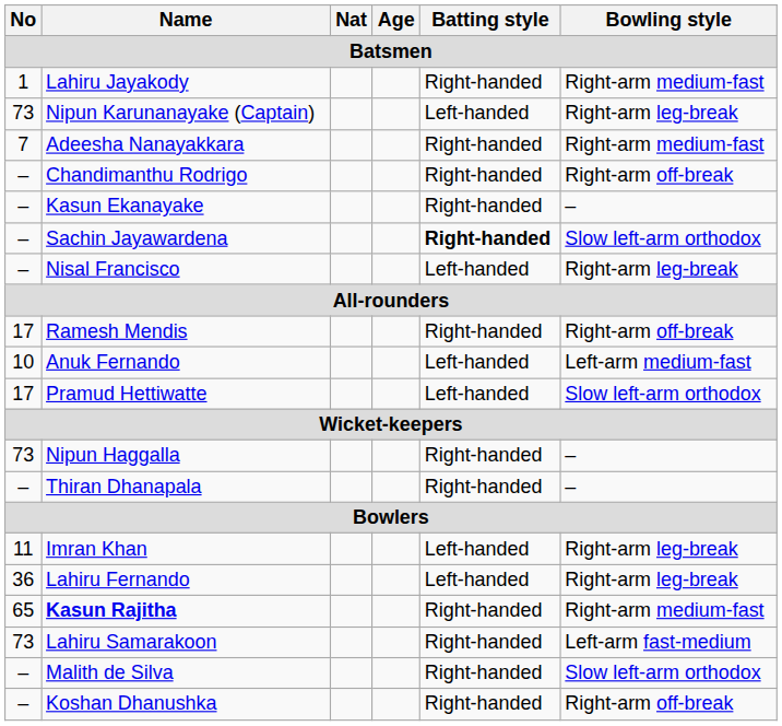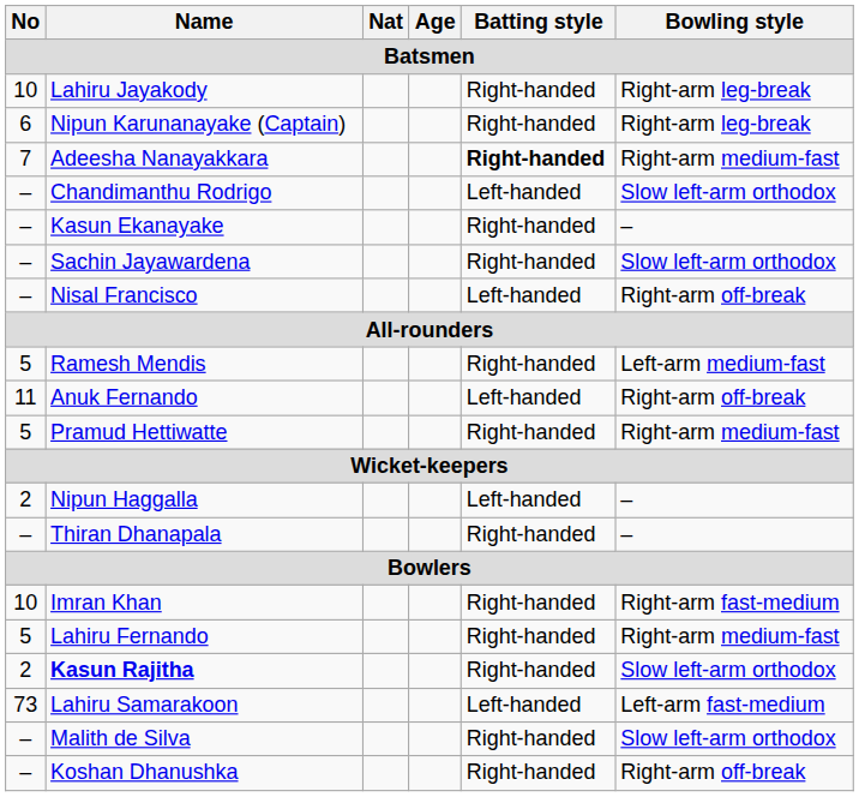 <table class="wikitable" style="font-size:100%;" width="50%">
 <tr>
 <th style="background: #">No</th>
 <th style="background: #">Name</th>
 <th style="background: #">Nat</th>
 <th style="background: #">Age</th>
 <th style="background: #">Batting style</th>
 <th style="background: #">Bowling style</th>
 </tr>
 <tr>
 <th colspan="7" style="background: #DCDCDC" align=right>Batsmen</th>
 </tr>
 <tr>
-<td style="text-align:center">1</td>
+<td style="text-align:center">10</td>
 <td><a href='#'>Lahiru Jayakody</a></td>
 <td style="text-align:center"></td>
 <td style="text-align:center"></td>
 <td>Right-handed</td>
-<td>Right-arm <a href='#'>medium-fast</a></td>
+<td>Right-arm <a href='#'>leg-break</a></td>
 </tr>
 <tr>
-<td style="text-align:center">73</td>
+<td style="text-align:center">6</td>
 <td><a href='#'>Nipun Karunanayake</a> (<a href='#'>Captain</a>)</td>
 <td style="text-align:center"></td>
 <td style="text-align:center"></td>
-<td>Left-handed</td>
+<td>Right-handed</td>
 <td>Right-arm <a href='#'>leg-break</a></td>
 </tr>
 <tr>
 <td style="text-align:center">7</td>
 <td><a href='#'>Adeesha Nanayakkara</a></td>
 <td style="text-align:center"></td>
 <td style="text-align:center"></td>
-<td>Right-handed</td>
+<td><strong>Right-handed</strong></td>
 <td>Right-arm <a href='#'>medium-fast</a></td>
 </tr>
 <tr>
 <td style="text-align:center">–</td>
 <td><a href='#'>Chandimanthu Rodrigo</a></td>
 <td style="text-align:center"></td>
 <td style="text-align:center"></td>
-<td>Right-handed</td>
-<td>Right-arm <a href='#'>off-break</a></td>
+<td>Left-handed</td>
+<td><a href='#'>Slow left-arm orthodox</a></td>
 </tr>
 <tr>
 <td style="text-align:center">–</td>
 <td><a href='#'>Kasun Ekanayake</a></td>
 <td style="text-align:center"></td>
 <td style="text-align:center"></td>
 <td>Right-handed</td>
 <td>–</td>
 </tr>
 <tr>
 <td style="text-align:center">–</td>
 <td><a href='#'>Sachin Jayawardena</a></td>
 <td style="text-align:center"></td>
 <td style="text-align:center"></td>
-<td><strong>Right-handed</strong></td>
+<td>Right-handed</td>
 <td><a href='#'>Slow left-arm orthodox</a></td>
 </tr>
 <tr>
 <td style="text-align:center">–</td>
 <td><a href='#'>Nisal Francisco</a></td>
 <td style="text-align:center"></td>
 <td style="text-align:center"></td>
 <td>Left-handed</td>
-<td>Right-arm <a href='#'>leg-break</a></td>
+<td>Right-arm <a href='#'>off-break</a></td>
 </tr>
 <tr>
 <th colspan="7" style="background: #DCDCDC" align=right>All-rounders</th>
 </tr>
 <tr>
-<td style="text-align:center">17</td>
+<td style="text-align:center">5</td>
 <td><a href='#'>Ramesh Mendis</a></td>
 <td style="text-align:center"></td>
 <td style="text-align:center"></td>
 <td>Right-handed</td>
-<td>Right-arm <a href='#'>off-break</a></td>
+<td>Left-arm <a href='#'>medium-fast</a></td>
 </tr>
 <tr>
-<td style="text-align:center">10</td>
+<td style="text-align:center">11</td>
 <td><a href='#'>Anuk Fernando</a></td>
 <td style="text-align:center"></td>
 <td style="text-align:center"></td>
 <td>Left-handed</td>
-<td>Left-arm <a href='#'>medium-fast</a></td>
+<td>Right-arm <a href='#'>off-break</a></td>
 </tr>
 <tr>
-<td style="text-align:center">17</td>
+<td style="text-align:center">5</td>
 <td><a href='#'>Pramud Hettiwatte</a></td>
 <td style="text-align:center"></td>
 <td style="text-align:center"></td>
-<td>Left-handed</td>
-<td><a href='#'>Slow left-arm orthodox</a></td>
+<td>Right-handed</td>
+<td>Right-arm <a href='#'>medium-fast</a></td>
 </tr>
 <tr>
 <th colspan="7" style="background: #DCDCDC" align=right>Wicket-keepers</th>
 </tr>
 <tr>
-<td style="text-align:center">73</td>
+<td style="text-align:center">2</td>
 <td><a href='#'>Nipun Haggalla</a></td>
 <td style="text-align:center"></td>
 <td style="text-align:center"></td>
-<td>Right-handed</td>
+<td>Left-handed</td>
 <td>–</td>
 </tr>
 <tr>
 <td style="text-align:center">–</td>
 <td><a href='#'>Thiran Dhanapala</a></td>
 <td style="text-align:center"></td>
 <td style="text-align:center"></td>
 <td>Right-handed</td>
 <td>–</td>
 </tr>
 <tr>
 <th colspan="7" style="background: #DCDCDC" align=right>Bowlers</th>
 </tr>
 <tr>
-<td style="text-align:center">11</td>
+<td style="text-align:center">10</td>
 <td><a href='#'>Imran Khan</a></td>
 <td style="text-align:center"></td>
 <td style="text-align:center"></td>
-<td>Left-handed</td>
-<td>Right-arm <a href='#'>leg-break</a></td>
+<td>Right-handed</td>
+<td>Right-arm <a href='#'>fast-medium</a></td>
 </tr>
 <tr>
-<td style="text-align:center">36</td>
+<td style="text-align:center">5</td>
 <td><a href='#'>Lahiru Fernando</a></td>
-<td style="text-align:center"></td>
-<td style="text-align:center"></td>
-<td>Left-handed</td>
-<td>Right-arm <a href='#'>leg-break</a></td>
-</tr>
-<tr>
-<td style="text-align:center">65</td>
-<td><strong><a href='#'>Kasun Rajitha</a></strong></td>
 <td style="text-align:center"></td>
 <td style="text-align:center"></td>
 <td>Right-handed</td>
 <td>Right-arm <a href='#'>medium-fast</a></td>
 </tr>
 <tr>
+<td style="text-align:center">2</td>
+<td><strong><a href='#'>Kasun Rajitha</a></strong></td>
+<td style="text-align:center"></td>
+<td style="text-align:center"></td>
+<td>Right-handed</td>
+<td><a href='#'>Slow left-arm orthodox</a></td>
+</tr>
+<tr>
 <td style="text-align:center">73</td>
 <td><a href='#'>Lahiru Samarakoon</a></td>
 <td style="text-align:center"></td>
 <td style="text-align:center"></td>
-<td>Right-handed</td>
+<td>Left-handed</td>
 <td>Left-arm <a href='#'>fast-medium</a></td>
 </tr>
 <tr>
 <td style="text-align:center">–</td>
 <td><a href='#'>Malith de Silva</a></td>
 <td style="text-align:center"></td>
 <td style="text-align:center"></td>
 <td>Right-handed</td>
 <td><a href='#'>Slow left-arm orthodox</a></td>
 </tr>
 <tr>
 <td style="text-align:center">–</td>
 <td><a href='#'>Koshan Dhanushka</a></td>
 <td style="text-align:center"></td>
 <td style="text-align:center"></td>
 <td>Right-handed</td>
 <td>Right-arm <a href='#'>off-break</a></td>
 </tr>
 </table>
